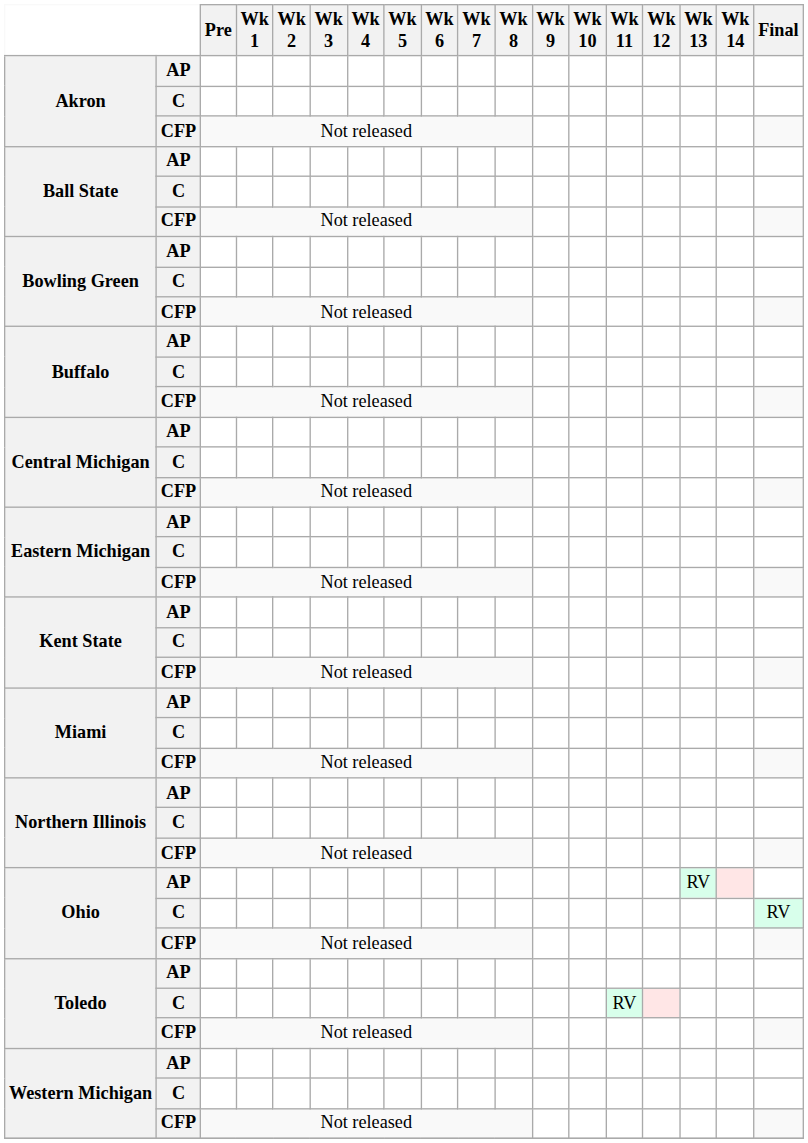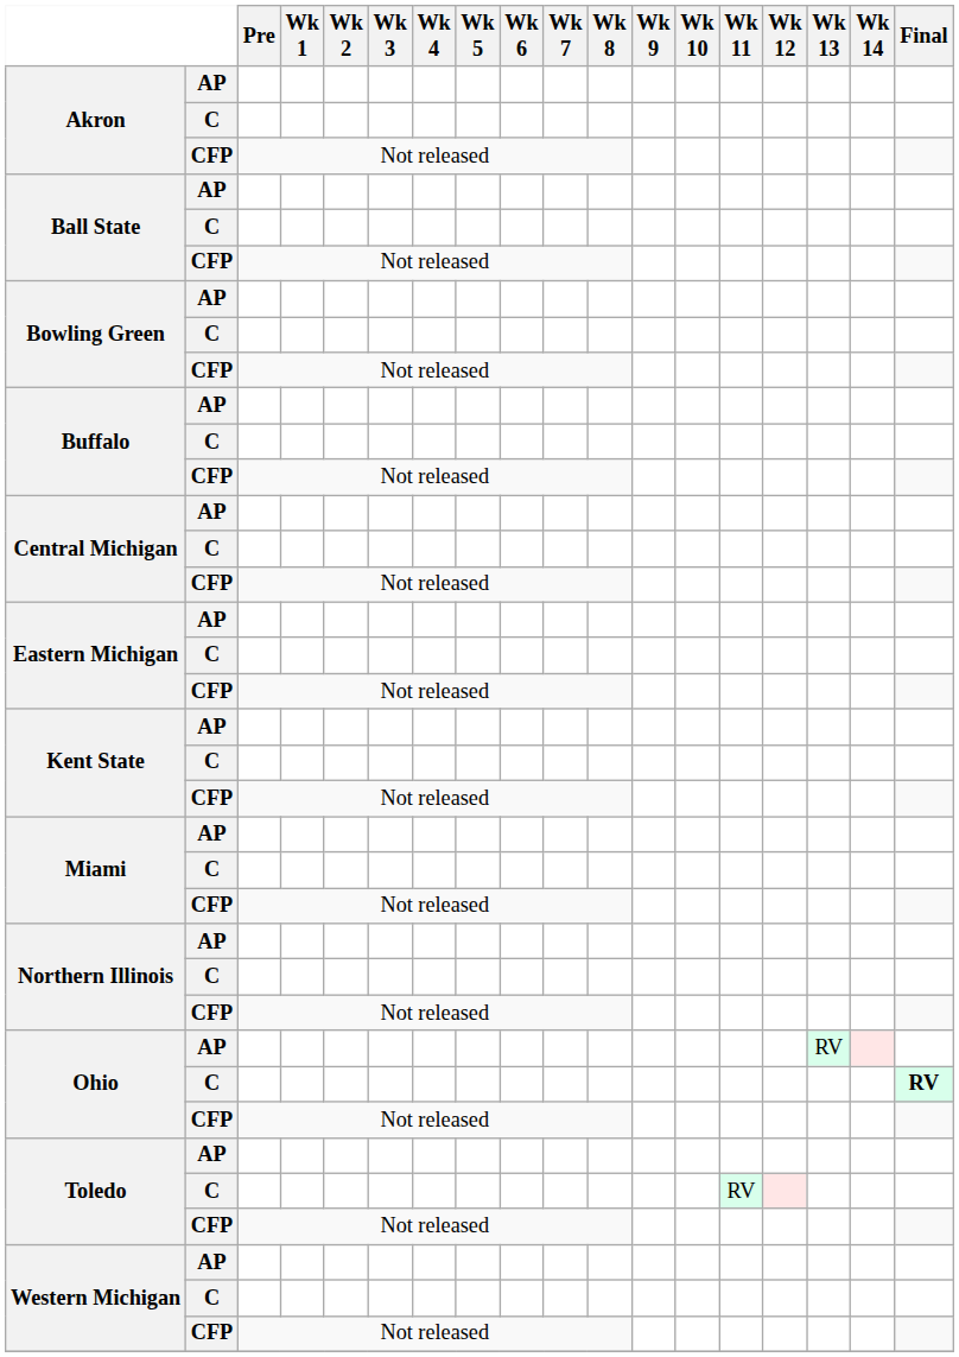 <table class="wikitable" style="white-space:nowrap;font-size:85%;">
 <tr>
 <th colspan=2 style="background:white; border-top-style:hidden; border-left-style:hidden;"> </th>
 <th>Pre</th>
 <th>Wk<br>1</th>
 <th>Wk<br>2</th>
 <th>Wk<br>3</th>
 <th>Wk<br>4</th>
 <th>Wk<br>5</th>
 <th>Wk<br>6</th>
 <th>Wk<br>7</th>
 <th>Wk<br>8</th>
 <th>Wk<br>9</th>
 <th>Wk<br>10</th>
 <th>Wk<br>11</th>
 <th>Wk<br>12</th>
 <th>Wk<br>13</th>
 <th>Wk<br>14</th>
 <th>Final</th>
 </tr>
 <tr style="text-align:center;">
 <th rowspan="3">Akron</th>
 <th>AP</th>
 <td style="background:#FFF;"></td>
 <td style="background:#FFF;"></td>
 <td style="background:#FFF;"></td>
 <td style="background:#FFF;"></td>
 <td style="background:#FFF;"></td>
 <td style="background:#FFF;"></td>
 <td style="background:#FFF;"></td>
 <td style="background:#FFF;"></td>
 <td style="background:#FFF;"></td>
 <td style="background:#FFF;"></td>
 <td style="background:#FFF;"></td>
 <td style="background:#FFF;"></td>
 <td style="background:#FFF;"></td>
 <td style="background:#FFF;"></td>
 <td style="background:#FFF;"></td>
 <td style="background:#FFF;"></td>
 </tr>
 <tr style="text-align:center;">
 <th>C</th>
 <td style="background:#FFF;"></td>
 <td style="background:#FFF;"></td>
 <td style="background:#FFF;"></td>
 <td style="background:#FFF;"></td>
 <td style="background:#FFF;"></td>
 <td style="background:#FFF;"></td>
 <td style="background:#FFF;"></td>
 <td style="background:#FFF;"></td>
 <td style="background:#FFF;"></td>
 <td style="background:#FFF;"></td>
 <td style="background:#FFF;"></td>
 <td style="background:#FFF;"></td>
 <td style="background:#FFF;"></td>
 <td style="background:#FFF;"></td>
 <td style="background:#FFF;"></td>
 <td style="background:#FFF;"></td>
 </tr>
 <tr style="text-align:center;">
 <th>CFP</th>
 <td colspan="9" style="text-align:center;">Not released</td>
 <td style="background:#FFF;"></td>
 <td style="background:#FFF;"></td>
 <td style="background:#FFF;"></td>
 <td style="background:#FFF;"></td>
 <td style="background:#FFF;"></td>
 <td style="background:#FFF;"></td>
 <td style="text-align:center;"></td>
 </tr>
 <tr style="text-align:center;">
 <th rowspan="3">Ball State</th>
 <th>AP</th>
 <td style="background:#FFF;"></td>
 <td style="background:#FFF;"></td>
 <td style="background:#FFF;"></td>
 <td style="background:#FFF;"></td>
 <td style="background:#FFF;"></td>
 <td style="background:#FFF;"></td>
 <td style="background:#FFF;"></td>
 <td style="background:#FFF;"></td>
 <td style="background:#FFF;"></td>
 <td style="background:#FFF;"></td>
 <td style="background:#FFF;"></td>
 <td style="background:#FFF;"></td>
 <td style="background:#FFF;"></td>
 <td style="background:#FFF;"></td>
 <td style="background:#FFF;"></td>
 <td style="background:#FFF;"></td>
 </tr>
 <tr style="text-align:center;">
 <th>C</th>
 <td style="background:#FFF;"></td>
 <td style="background:#FFF;"></td>
 <td style="background:#FFF;"></td>
 <td style="background:#FFF;"></td>
 <td style="background:#FFF;"></td>
 <td style="background:#FFF;"></td>
 <td style="background:#FFF;"></td>
 <td style="background:#FFF;"></td>
 <td style="background:#FFF;"></td>
 <td style="background:#FFF;"></td>
 <td style="background:#FFF;"></td>
 <td style="background:#FFF;"></td>
 <td style="background:#FFF;"></td>
 <td style="background:#FFF;"></td>
 <td style="background:#FFF;"></td>
 <td style="background:#FFF;"></td>
 </tr>
 <tr style="text-align:center;">
 <th>CFP</th>
 <td colspan="9" style="text-align:center;">Not released</td>
 <td style="background:#FFF;"></td>
 <td style="background:#FFF;"></td>
 <td style="background:#FFF;"></td>
 <td style="background:#FFF;"></td>
 <td style="background:#FFF;"></td>
 <td style="background:#FFF;"></td>
 <td style="text-align:center;"></td>
 </tr>
 <tr style="text-align:center;">
 <th rowspan="3">Bowling Green</th>
 <th>AP</th>
 <td style="background:#FFF;"></td>
 <td style="background:#FFF;"></td>
 <td style="background:#FFF;"></td>
 <td style="background:#FFF;"></td>
 <td style="background:#FFF;"></td>
 <td style="background:#FFF;"></td>
 <td style="background:#FFF;"></td>
 <td style="background:#FFF;"></td>
 <td style="background:#FFF;"></td>
 <td style="background:#FFF;"></td>
 <td style="background:#FFF;"></td>
 <td style="background:#FFF;"></td>
 <td style="background:#FFF;"></td>
 <td style="background:#FFF;"></td>
 <td style="background:#FFF;"></td>
 <td style="background:#FFF;"></td>
 </tr>
 <tr style="text-align:center;">
 <th>C</th>
 <td style="background:#FFF;"></td>
 <td style="background:#FFF;"></td>
 <td style="background:#FFF;"></td>
 <td style="background:#FFF;"></td>
 <td style="background:#FFF;"></td>
 <td style="background:#FFF;"></td>
 <td style="background:#FFF;"></td>
 <td style="background:#FFF;"></td>
 <td style="background:#FFF;"></td>
 <td style="background:#FFF;"></td>
 <td style="background:#FFF;"></td>
 <td style="background:#FFF;"></td>
 <td style="background:#FFF;"></td>
 <td style="background:#FFF;"></td>
 <td style="background:#FFF;"></td>
 <td style="background:#FFF;"></td>
 </tr>
 <tr style="text-align:center;">
 <th>CFP</th>
 <td colspan="9" style="text-align:center;">Not released</td>
 <td style="background:#FFF;"></td>
 <td style="background:#FFF;"></td>
 <td style="background:#FFF;"></td>
 <td style="background:#FFF;"></td>
 <td style="background:#FFF;"></td>
 <td style="background:#FFF;"></td>
 <td style="text-align:center;"></td>
 </tr>
 <tr style="text-align:center;">
 <th rowspan="3">Buffalo</th>
 <th>AP</th>
 <td style="background:#FFF;"></td>
 <td style="background:#FFF;"></td>
 <td style="background:#FFF;"></td>
 <td style="background:#FFF;"></td>
 <td style="background:#FFF;"></td>
 <td style="background:#FFF;"></td>
 <td style="background:#FFF;"></td>
 <td style="background:#FFF;"></td>
 <td style="background:#FFF;"></td>
 <td style="background:#FFF;"></td>
 <td style="background:#FFF;"></td>
 <td style="background:#FFF;"></td>
 <td style="background:#FFF;"></td>
 <td style="background:#FFF;"></td>
 <td style="background:#FFF;"></td>
 <td style="background:#FFF;"></td>
 </tr>
 <tr style="text-align:center;">
 <th>C</th>
 <td style="background:#FFF;"></td>
 <td style="background:#FFF;"></td>
 <td style="background:#FFF;"></td>
 <td style="background:#FFF;"></td>
 <td style="background:#FFF;"></td>
 <td style="background:#FFF;"></td>
 <td style="background:#FFF;"></td>
 <td style="background:#FFF;"></td>
 <td style="background:#FFF;"></td>
 <td style="background:#FFF;"></td>
 <td style="background:#FFF;"></td>
 <td style="background:#FFF;"></td>
 <td style="background:#FFF;"></td>
 <td style="background:#FFF;"></td>
 <td style="background:#FFF;"></td>
 <td style="background:#FFF;"></td>
 </tr>
 <tr style="text-align:center;">
 <th>CFP</th>
 <td colspan="9" style="text-align:center;">Not released</td>
 <td style="background:#FFF;"></td>
 <td style="background:#FFF;"></td>
 <td style="background:#FFF;"></td>
 <td style="background:#FFF;"></td>
 <td style="background:#FFF;"></td>
 <td style="background:#FFF;"></td>
 <td style="text-align:center;"></td>
 </tr>
 <tr style="text-align:center;">
 <th rowspan="3">Central Michigan</th>
 <th>AP</th>
 <td style="background:#FFF;"></td>
 <td style="background:#FFF;"></td>
 <td style="background:#FFF;"></td>
 <td style="background:#FFF;"></td>
 <td style="background:#FFF;"></td>
 <td style="background:#FFF;"></td>
 <td style="background:#FFF;"></td>
 <td style="background:#FFF;"></td>
 <td style="background:#FFF;"></td>
 <td style="background:#FFF;"></td>
 <td style="background:#FFF;"></td>
 <td style="background:#FFF;"></td>
 <td style="background:#FFF;"></td>
 <td style="background:#FFF;"></td>
 <td style="background:#FFF;"></td>
 <td style="background:#FFF;"></td>
 </tr>
 <tr style="text-align:center;">
 <th>C</th>
 <td style="background:#FFF;"></td>
 <td style="background:#FFF;"></td>
 <td style="background:#FFF;"></td>
 <td style="background:#FFF;"></td>
 <td style="background:#FFF;"></td>
 <td style="background:#FFF;"></td>
 <td style="background:#FFF;"></td>
 <td style="background:#FFF;"></td>
 <td style="background:#FFF;"></td>
 <td style="background:#FFF;"></td>
 <td style="background:#FFF;"></td>
 <td style="background:#FFF;"></td>
 <td style="background:#FFF;"></td>
 <td style="background:#FFF;"></td>
 <td style="background:#FFF;"></td>
 <td style="background:#FFF;"></td>
 </tr>
 <tr style="text-align:center;">
 <th>CFP</th>
 <td colspan="9" style="text-align:center;">Not released</td>
 <td style="background:#FFF;"></td>
 <td style="background:#FFF;"></td>
 <td style="background:#FFF;"></td>
 <td style="background:#FFF;"></td>
 <td style="background:#FFF;"></td>
 <td style="background:#FFF;"></td>
 <td style="text-align:center;"></td>
 </tr>
 <tr style="text-align:center;">
 <th rowspan="3">Eastern Michigan</th>
 <th>AP</th>
 <td style="background:#FFF;"></td>
 <td style="background:#FFF;"></td>
 <td style="background:#FFF;"></td>
 <td style="background:#FFF;"></td>
 <td style="background:#FFF;"></td>
 <td style="background:#FFF;"></td>
 <td style="background:#FFF;"></td>
 <td style="background:#FFF;"></td>
 <td style="background:#FFF;"></td>
 <td style="background:#FFF;"></td>
 <td style="background:#FFF;"></td>
 <td style="background:#FFF;"></td>
 <td style="background:#FFF;"></td>
 <td style="background:#FFF;"></td>
 <td style="background:#FFF;"></td>
 <td style="background:#FFF;"></td>
 </tr>
 <tr style="text-align:center;">
 <th>C</th>
 <td style="background:#FFF;"></td>
 <td style="background:#FFF;"></td>
 <td style="background:#FFF;"></td>
 <td style="background:#FFF;"></td>
 <td style="background:#FFF;"></td>
 <td style="background:#FFF;"></td>
 <td style="background:#FFF;"></td>
 <td style="background:#FFF;"></td>
 <td style="background:#FFF;"></td>
 <td style="background:#FFF;"></td>
 <td style="background:#FFF;"></td>
 <td style="background:#FFF;"></td>
 <td style="background:#FFF;"></td>
 <td style="background:#FFF;"></td>
 <td style="background:#FFF;"></td>
 <td style="background:#FFF;"></td>
 </tr>
 <tr style="text-align:center;">
 <th>CFP</th>
 <td colspan="9" style="text-align:center;">Not released</td>
 <td style="background:#FFF;"></td>
 <td style="background:#FFF;"></td>
 <td style="background:#FFF;"></td>
 <td style="background:#FFF;"></td>
 <td style="background:#FFF;"></td>
 <td style="background:#FFF;"></td>
 <td style="text-align:center;"></td>
 </tr>
 <tr style="text-align:center;">
 <th rowspan="3">Kent State</th>
 <th>AP</th>
 <td style="background:#FFF;"></td>
 <td style="background:#FFF;"></td>
 <td style="background:#FFF;"></td>
 <td style="background:#FFF;"></td>
 <td style="background:#FFF;"></td>
 <td style="background:#FFF;"></td>
 <td style="background:#FFF;"></td>
 <td style="background:#FFF;"></td>
 <td style="background:#FFF;"></td>
 <td style="background:#FFF;"></td>
 <td style="background:#FFF;"></td>
 <td style="background:#FFF;"></td>
 <td style="background:#FFF;"></td>
 <td style="background:#FFF;"></td>
 <td style="background:#FFF;"></td>
 <td style="background:#FFF;"></td>
 </tr>
 <tr style="text-align:center;">
 <th>C</th>
 <td style="background:#FFF;"></td>
 <td style="background:#FFF;"></td>
 <td style="background:#FFF;"></td>
 <td style="background:#FFF;"></td>
 <td style="background:#FFF;"></td>
 <td style="background:#FFF;"></td>
 <td style="background:#FFF;"></td>
 <td style="background:#FFF;"></td>
 <td style="background:#FFF;"></td>
 <td style="background:#FFF;"></td>
 <td style="background:#FFF;"></td>
 <td style="background:#FFF;"></td>
 <td style="background:#FFF;"></td>
 <td style="background:#FFF;"></td>
 <td style="background:#FFF;"></td>
 <td style="background:#FFF;"></td>
 </tr>
 <tr style="text-align:center;">
 <th>CFP</th>
 <td colspan="9" style="text-align:center;">Not released</td>
 <td style="background:#FFF;"></td>
 <td style="background:#FFF;"></td>
 <td style="background:#FFF;"></td>
 <td style="background:#FFF;"></td>
 <td style="background:#FFF;"></td>
 <td style="background:#FFF;"></td>
 <td style="text-align:center;"></td>
 </tr>
 <tr style="text-align:center;">
 <th rowspan="3">Miami</th>
 <th>AP</th>
 <td style="background:#FFF;"></td>
 <td style="background:#FFF;"></td>
 <td style="background:#FFF;"></td>
 <td style="background:#FFF;"></td>
 <td style="background:#FFF;"></td>
 <td style="background:#FFF;"></td>
 <td style="background:#FFF;"></td>
 <td style="background:#FFF;"></td>
 <td style="background:#FFF;"></td>
 <td style="background:#FFF;"></td>
 <td style="background:#FFF;"></td>
 <td style="background:#FFF;"></td>
 <td style="background:#FFF;"></td>
 <td style="background:#FFF;"></td>
 <td style="background:#FFF;"></td>
 <td style="background:#FFF;"></td>
 </tr>
 <tr style="text-align:center;">
 <th>C</th>
 <td style="background:#FFF;"></td>
 <td style="background:#FFF;"></td>
 <td style="background:#FFF;"></td>
 <td style="background:#FFF;"></td>
 <td style="background:#FFF;"></td>
 <td style="background:#FFF;"></td>
 <td style="background:#FFF;"></td>
 <td style="background:#FFF;"></td>
 <td style="background:#FFF;"></td>
 <td style="background:#FFF;"></td>
 <td style="background:#FFF;"></td>
 <td style="background:#FFF;"></td>
 <td style="background:#FFF;"></td>
 <td style="background:#FFF;"></td>
 <td style="background:#FFF;"></td>
 <td style="background:#FFF;"></td>
 </tr>
 <tr style="text-align:center;">
 <th>CFP</th>
 <td colspan="9" style="text-align:center;">Not released</td>
 <td style="background:#FFF;"></td>
 <td style="background:#FFF;"></td>
 <td style="background:#FFF;"></td>
 <td style="background:#FFF;"></td>
 <td style="background:#FFF;"></td>
 <td style="background:#FFF;"></td>
 <td style="text-align:center;"></td>
 </tr>
 <tr style="text-align:center;">
 <th rowspan="3">Northern Illinois</th>
 <th>AP</th>
 <td style="background:#FFF;"></td>
 <td style="background:#FFF;"></td>
 <td style="background:#FFF;"></td>
 <td style="background:#FFF;"></td>
 <td style="background:#FFF;"></td>
 <td style="background:#FFF;"></td>
 <td style="background:#FFF;"></td>
 <td style="background:#FFF;"></td>
 <td style="background:#FFF;"></td>
 <td style="background:#FFF;"></td>
 <td style="background:#FFF;"></td>
 <td style="background:#FFF;"></td>
 <td style="background:#FFF;"></td>
 <td style="background:#FFF;"></td>
 <td style="background:#FFF;"></td>
 <td style="background:#FFF;"></td>
 </tr>
 <tr style="text-align:center;">
 <th>C</th>
 <td style="background:#FFF;"></td>
 <td style="background:#FFF;"></td>
 <td style="background:#FFF;"></td>
 <td style="background:#FFF;"></td>
 <td style="background:#FFF;"></td>
 <td style="background:#FFF;"></td>
 <td style="background:#FFF;"></td>
 <td style="background:#FFF;"></td>
 <td style="background:#FFF;"></td>
 <td style="background:#FFF;"></td>
 <td style="background:#FFF;"></td>
 <td style="background:#FFF;"></td>
 <td style="background:#FFF;"></td>
 <td style="background:#FFF;"></td>
 <td style="background:#FFF;"></td>
 <td style="background:#FFF;"></td>
 </tr>
 <tr style="text-align:center;">
 <th>CFP</th>
 <td colspan="9" style="text-align:center;">Not released</td>
 <td style="background:#FFF;"></td>
 <td style="background:#FFF;"></td>
 <td style="background:#FFF;"></td>
 <td style="background:#FFF;"></td>
 <td style="background:#FFF;"></td>
 <td style="background:#FFF;"></td>
 <td style="text-align:center;"></td>
 </tr>
 <tr style="text-align:center;">
 <th rowspan="3">Ohio</th>
 <th>AP</th>
 <td style="background:#FFF;"></td>
 <td style="background:#FFF;"></td>
 <td style="background:#FFF;"></td>
 <td style="background:#FFF;"></td>
 <td style="background:#FFF;"></td>
 <td style="background:#FFF;"></td>
 <td style="background:#FFF;"></td>
 <td style="background:#FFF;"></td>
 <td style="background:#FFF;"></td>
 <td style="background:#FFF;"></td>
 <td style="background:#FFF;"></td>
 <td style="background:#FFF;"></td>
 <td style="background:#FFF;"></td>
 <td style="background:#d8ffeb;">RV</td>
 <td style="background:#ffe6e6;"></td>
 <td style="background:#FFF;"></td>
 </tr>
 <tr style="text-align:center;">
 <th>C</th>
 <td style="background:#FFF;"></td>
 <td style="background:#FFF;"></td>
 <td style="background:#FFF;"></td>
 <td style="background:#FFF;"></td>
 <td style="background:#FFF;"></td>
 <td style="background:#FFF;"></td>
 <td style="background:#FFF;"></td>
 <td style="background:#FFF;"></td>
 <td style="background:#FFF;"></td>
 <td style="background:#FFF;"></td>
 <td style="background:#FFF;"></td>
 <td style="background:#FFF;"></td>
 <td style="background:#FFF;"></td>
 <td style="background:#FFF;"></td>
 <td style="background:#FFF;"></td>
-<td style="background:#d8ffeb;">RV</td>
+<td style="background:#d8ffeb;"><strong>RV</strong></td>
 </tr>
 <tr style="text-align:center;">
 <th>CFP</th>
 <td colspan="9" style="text-align:center;">Not released</td>
 <td style="background:#FFF;"></td>
 <td style="background:#FFF;"></td>
 <td style="background:#FFF;"></td>
 <td style="background:#FFF;"></td>
 <td style="background:#FFF;"></td>
 <td style="background:#FFF;"></td>
 <td style="text-align:center;"></td>
 </tr>
 <tr style="text-align:center;">
 <th rowspan="3">Toledo</th>
 <th>AP</th>
 <td style="background:#FFF;"></td>
 <td style="background:#FFF;"></td>
 <td style="background:#FFF;"></td>
 <td style="background:#FFF;"></td>
 <td style="background:#FFF;"></td>
 <td style="background:#FFF;"></td>
 <td style="background:#FFF;"></td>
 <td style="background:#FFF;"></td>
 <td style="background:#FFF;"></td>
 <td style="background:#FFF;"></td>
 <td style="background:#FFF;"></td>
 <td style="background:#FFF;"></td>
 <td style="background:#FFF;"></td>
 <td style="background:#FFF;"></td>
 <td style="background:#FFF;"></td>
 <td style="background:#FFF;"></td>
 </tr>
 <tr style="text-align:center;">
 <th>C</th>
 <td style="background:#FFF;"></td>
 <td style="background:#FFF;"></td>
 <td style="background:#FFF;"></td>
 <td style="background:#FFF;"></td>
 <td style="background:#FFF;"></td>
 <td style="background:#FFF;"></td>
 <td style="background:#FFF;"></td>
 <td style="background:#FFF;"></td>
 <td style="background:#FFF;"></td>
 <td style="background:#FFF;"></td>
 <td style="background:#FFF;"></td>
 <td style="background:#d8ffeb;">RV</td>
 <td style="background:#ffe6e6;"></td>
 <td style="background:#FFF;"></td>
 <td style="background:#FFF;"></td>
 <td style="background:#FFF;"></td>
 </tr>
 <tr style="text-align:center;">
 <th>CFP</th>
 <td colspan="9" style="text-align:center;">Not released</td>
 <td style="background:#FFF;"></td>
 <td style="background:#FFF;"></td>
 <td style="background:#FFF;"></td>
 <td style="background:#FFF;"></td>
 <td style="background:#FFF;"></td>
 <td style="background:#FFF;"></td>
 <td style="text-align:center;"></td>
 </tr>
 <tr style="text-align:center;">
 <th rowspan="3">Western Michigan</th>
 <th>AP</th>
 <td style="background:#FFF;"></td>
 <td style="background:#FFF;"></td>
 <td style="background:#FFF;"></td>
 <td style="background:#FFF;"></td>
 <td style="background:#FFF;"></td>
 <td style="background:#FFF;"></td>
 <td style="background:#FFF;"></td>
 <td style="background:#FFF;"></td>
 <td style="background:#FFF;"></td>
 <td style="background:#FFF;"></td>
 <td style="background:#FFF;"></td>
 <td style="background:#FFF;"></td>
 <td style="background:#FFF;"></td>
 <td style="background:#FFF;"></td>
 <td style="background:#FFF;"></td>
 <td style="background:#FFF;"></td>
 </tr>
 <tr style="text-align:center;">
 <th>C</th>
 <td style="background:#FFF;"></td>
 <td style="background:#FFF;"></td>
 <td style="background:#FFF;"></td>
 <td style="background:#FFF;"></td>
 <td style="background:#FFF;"></td>
 <td style="background:#FFF;"></td>
 <td style="background:#FFF;"></td>
 <td style="background:#FFF;"></td>
 <td style="background:#FFF;"></td>
 <td style="background:#FFF;"></td>
 <td style="background:#FFF;"></td>
 <td style="background:#FFF;"></td>
 <td style="background:#FFF;"></td>
 <td style="background:#FFF;"></td>
 <td style="background:#FFF;"></td>
 <td style="background:#FFF;"></td>
 </tr>
 <tr style="text-align:center;">
 <th>CFP</th>
 <td colspan="9" style="text-align:center;">Not released</td>
 <td style="background:#FFF;"></td>
 <td style="background:#FFF;"></td>
 <td style="background:#FFF;"></td>
 <td style="background:#FFF;"></td>
 <td style="background:#FFF;"></td>
 <td style="background:#FFF;"></td>
 <td style="text-align:center;"></td>
 </tr>
 <tr style="text-align:center;">
 </tr>
 </table>
